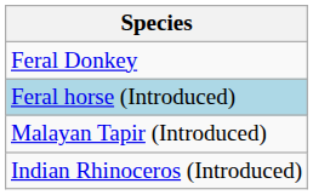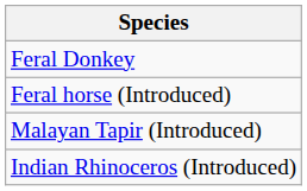 <table class="wikitable">
 <tr>
 <th>Species</th>
 </tr>
 <tr>
 <td><a href='#'>Feral Donkey</a></td>
 </tr>
 <tr>
-<td style="background: lightblue;"><a href='#'>Feral horse</a> (Introduced)</td>
+<td><a href='#'>Feral horse</a> (Introduced)</td>
 </tr>
 <tr>
 <td><a href='#'>Malayan Tapir</a> (Introduced)</td>
 </tr>
 <tr>
 <td><a href='#'>Indian Rhinoceros</a> (Introduced)</td>
 </tr>
 </table>
